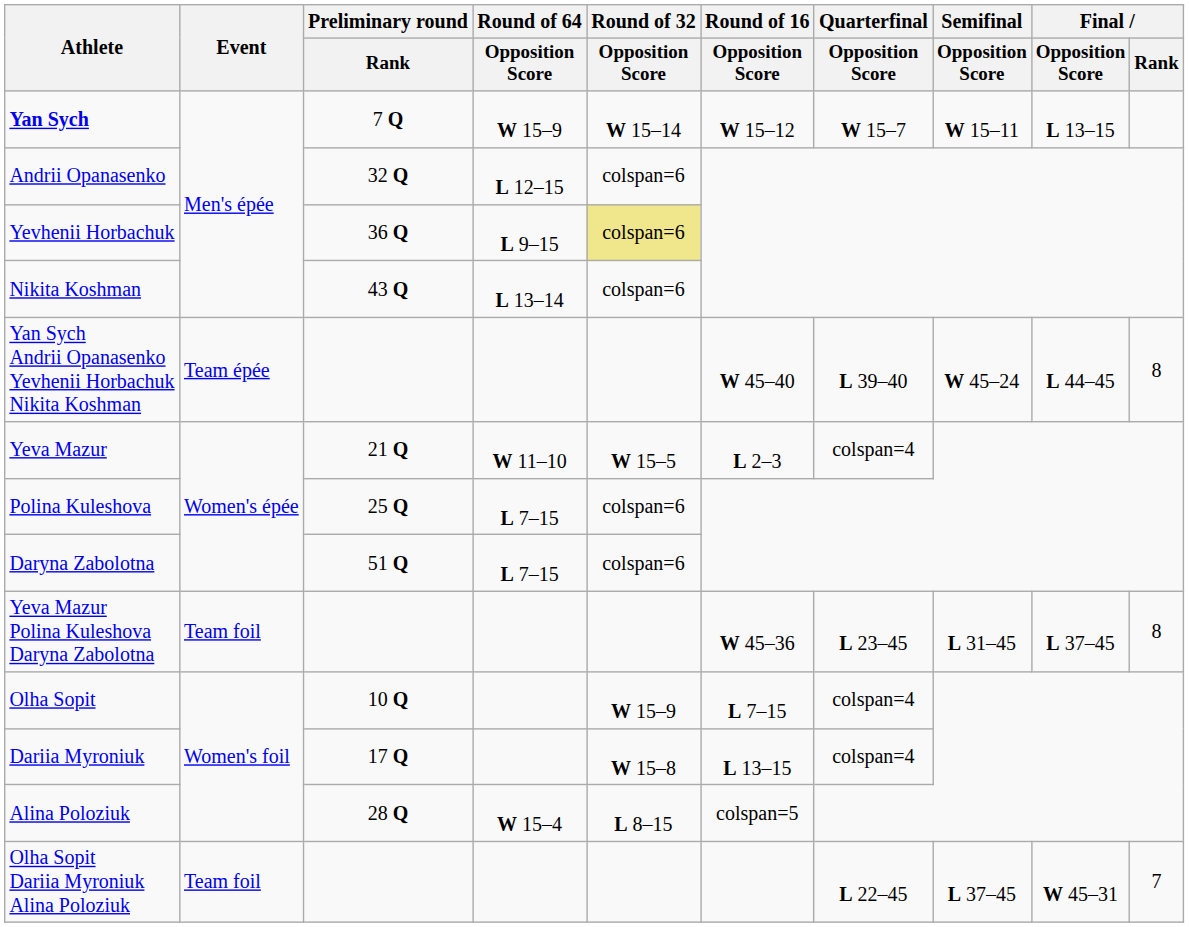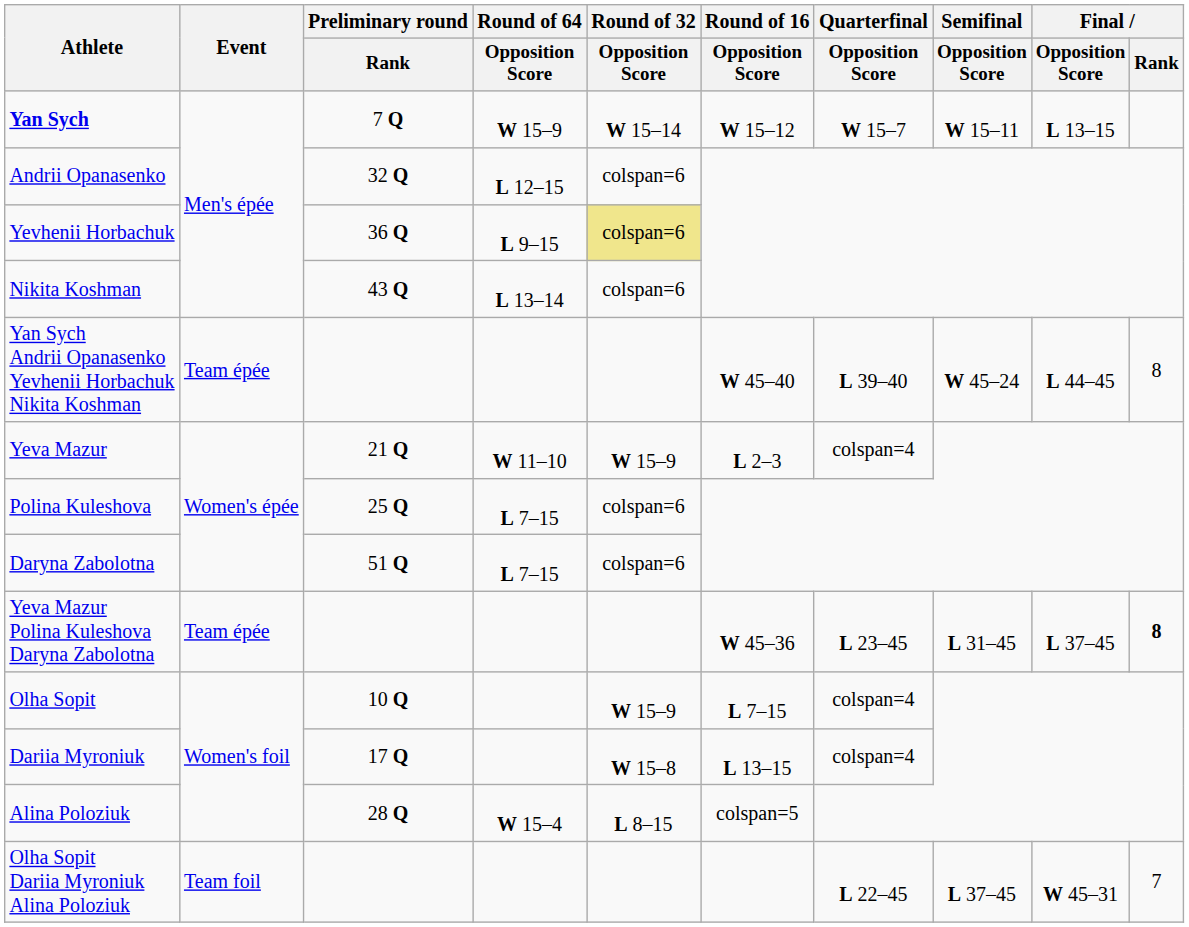 <table class="wikitable" style="font-size:90%">
 <tr>
 <th rowspan="2">Athlete</th>
 <th rowspan="2">Event</th>
 <th>Preliminary round</th>
 <th>Round of 64</th>
 <th>Round of 32</th>
 <th>Round of 16</th>
 <th>Quarterfinal</th>
 <th>Semifinal</th>
 <th colspan=2>Final / </th>
 </tr>
 <tr style="font-size:95%">
 <th>Rank</th>
 <th>Opposition <br> Score</th>
 <th>Opposition <br> Score</th>
 <th>Opposition <br> Score</th>
 <th>Opposition <br> Score</th>
 <th>Opposition <br> Score</th>
 <th>Opposition <br> Score</th>
 <th>Rank</th>
 </tr>
 <tr align=center>
 <td align=left><strong><a href='#'>Yan Sych</a></strong></td>
 <td align=left rowspan=4><a href='#'>Men's épée</a></td>
 <td>7 <strong>Q</strong></td>
 <td><br><strong>W</strong> 15–9</td>
 <td><br><strong>W</strong> 15–14</td>
 <td><br><strong>W</strong> 15–12</td>
 <td><br><strong>W</strong> 15–7</td>
 <td><br><strong>W</strong> 15–11</td>
 <td><br><strong>L</strong> 13–15</td>
 <td></td>
 </tr>
 <tr align=center>
 <td align=left><a href='#'>Andrii Opanasenko</a></td>
 <td>32 <strong>Q</strong></td>
 <td><br><strong>L</strong> 12–15</td>
 <td>colspan=6 </td>
 </tr>
 <tr align=center>
 <td align=left><a href='#'>Yevhenii Horbachuk</a></td>
 <td>36 <strong>Q</strong></td>
 <td><br><strong>L</strong> 9–15</td>
 <td style="background: khaki;">colspan=6 </td>
 </tr>
 <tr align=center>
 <td align=left><a href='#'>Nikita Koshman</a></td>
 <td>43 <strong>Q</strong></td>
 <td><br><strong>L</strong> 13–14</td>
 <td>colspan=6 </td>
 </tr>
 <tr align=center>
 <td align=left><a href='#'>Yan Sych</a><br><a href='#'>Andrii Opanasenko</a><br><a href='#'>Yevhenii Horbachuk</a><br><a href='#'>Nikita Koshman</a></td>
 <td align=left><a href='#'>Team épée</a></td>
 <td></td>
 <td></td>
 <td></td>
 <td><br><strong>W</strong> 45–40</td>
 <td><br><strong>L</strong> 39–40</td>
 <td><br><strong>W</strong> 45–24</td>
 <td><br><strong>L</strong> 44–45</td>
 <td>8</td>
 </tr>
 <tr align=center>
 <td align=left><a href='#'>Yeva Mazur</a></td>
 <td align=left rowspan=3><a href='#'>Women's épée</a></td>
 <td>21 <strong>Q</strong></td>
 <td><br><strong>W</strong> 11–10</td>
-<td><br><strong>W</strong> 15–5</td>
+<td><br><strong>W</strong> 15–9</td>
 <td><br><strong>L</strong> 2–3</td>
 <td>colspan=4 </td>
 </tr>
 <tr align=center>
 <td align=left><a href='#'>Polina Kuleshova</a></td>
 <td>25 <strong>Q</strong></td>
 <td><br><strong>L</strong> 7–15</td>
 <td>colspan=6 </td>
 </tr>
 <tr align=center>
 <td align=left><a href='#'>Daryna Zabolotna</a></td>
 <td>51 <strong>Q</strong></td>
 <td><br><strong>L</strong> 7–15</td>
 <td>colspan=6 </td>
 </tr>
 <tr align=center>
 <td align=left><a href='#'>Yeva Mazur</a><br><a href='#'>Polina Kuleshova</a><br><a href='#'>Daryna Zabolotna</a></td>
-<td align=left><a href='#'>Team foil</a></td>
+<td align=left><a href='#'>Team épée</a></td>
 <td></td>
 <td></td>
 <td></td>
 <td><br><strong>W</strong> 45–36</td>
 <td><br><strong>L</strong> 23–45</td>
 <td><br><strong>L</strong> 31–45</td>
 <td><br><strong>L</strong> 37–45</td>
-<td>8</td>
+<td><strong>8</strong></td>
 </tr>
 <tr align=center>
 <td align=left><a href='#'>Olha Sopit</a></td>
 <td align=left rowspan=3><a href='#'>Women's foil</a></td>
 <td>10 <strong>Q</strong></td>
 <td></td>
 <td><br><strong>W</strong> 15–9</td>
 <td><br><strong>L</strong> 7–15</td>
 <td>colspan=4 </td>
 </tr>
 <tr align=center>
 <td align=left><a href='#'>Dariia Myroniuk</a></td>
 <td>17 <strong>Q</strong></td>
 <td></td>
 <td><br><strong>W</strong> 15–8</td>
 <td><br><strong>L</strong> 13–15</td>
 <td>colspan=4 </td>
 </tr>
 <tr align=center>
 <td align=left><a href='#'>Alina Poloziuk</a></td>
 <td>28 <strong>Q</strong></td>
 <td><br><strong>W</strong> 15–4</td>
 <td><br><strong>L</strong> 8–15</td>
 <td>colspan=5 </td>
 </tr>
 <tr align=center>
 <td align=left><a href='#'>Olha Sopit</a><br><a href='#'>Dariia Myroniuk</a><br><a href='#'>Alina Poloziuk</a></td>
 <td align=left><a href='#'>Team foil</a></td>
 <td></td>
 <td></td>
 <td></td>
 <td></td>
 <td><br><strong>L</strong> 22–45</td>
 <td><br><strong>L</strong> 37–45</td>
 <td><br><strong>W</strong> 45–31</td>
 <td>7</td>
 </tr>
 </table>
